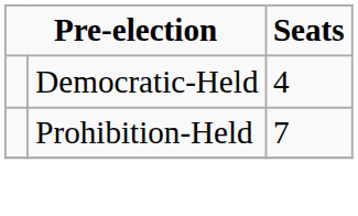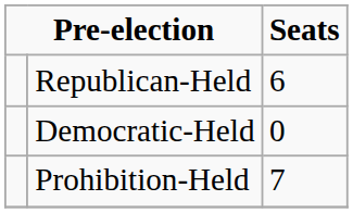 <table class= "wikitable">
 <tr>
 <td colspan= "2" rowspan= "1" align= "center" valign= "top"><strong>Pre-election</strong></td>
 <td valign= "top"><strong>Seats</strong></td>
 </tr>
 <tr>
 <td style="background-color:"> </td>
+<td>Republican-Held</td>
+<td>6</td>
+</tr>
+<tr>
+<td style="background-color:"> </td>
 <td>Democratic-Held</td>
-<td>4</td>
+<td>0</td>
 </tr>
 <tr>
 <td style="background-color:"> </td>
 <td>Prohibition-Held</td>
 <td>7</td>
 </tr>
 <tr>
 </tr>
 </table>
